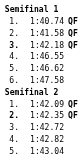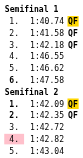 <table style="text-align:center">
 <tr>
 <td colspan=4 align=left><strong>Semifinal 1</strong></td>
 </tr>
 <tr>
 <td width=30>1.</td>
 <td align=left></td>
 <td width=60>1:40.74</td>
-<td><strong>QF</strong></td>
+<td style="background: gold;"><strong>QF</strong></td>
 </tr>
 <tr>
 <td>2.</td>
 <td align=left></td>
 <td>1:41.58</td>
 <td><strong>QF</strong></td>
 </tr>
 <tr>
-<td><strong>3.</strong></td>
+<td>3.</td>
 <td align=left></td>
 <td>1:42.18</td>
 <td><strong>QF</strong></td>
 </tr>
 <tr>
 <td>4.</td>
 <td align=left></td>
 <td>1:46.55</td>
 <td></td>
 </tr>
 <tr>
 <td>5.</td>
 <td align=left></td>
 <td>1:46.62</td>
 <td></td>
 </tr>
 <tr>
-<td>6.</td>
+<td><strong>6.</strong></td>
 <td align=left></td>
 <td>1:47.58</td>
 <td></td>
 </tr>
 <tr>
 <td colspan=4 align=left><strong>Semifinal 2</strong></td>
 </tr>
 <tr>
-<td width=30>1.</td>
+<td width=30><strong>1.</strong></td>
 <td align=left></td>
 <td width=60>1:42.09</td>
-<td><strong>QF</strong></td>
+<td style="background: gold;"><strong>QF</strong></td>
 </tr>
 <tr>
 <td><strong>2.</strong></td>
 <td align=left></td>
 <td>1:42.35</td>
 <td><strong>QF</strong></td>
 </tr>
 <tr>
 <td>3.</td>
 <td align=left></td>
 <td>1:42.72</td>
 <td></td>
 </tr>
 <tr>
-<td>4.</td>
+<td style="background: pink;">4.</td>
 <td align=left></td>
 <td>1:42.82</td>
 <td></td>
 </tr>
 <tr>
 <td>5.</td>
 <td align=left></td>
 <td>1:43.04</td>
 <td></td>
 </tr>
 </table>
